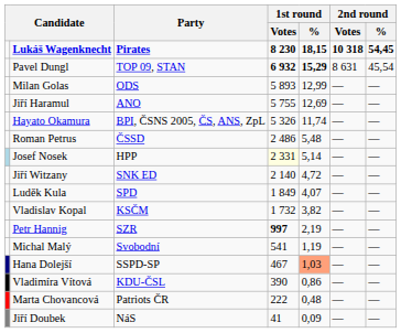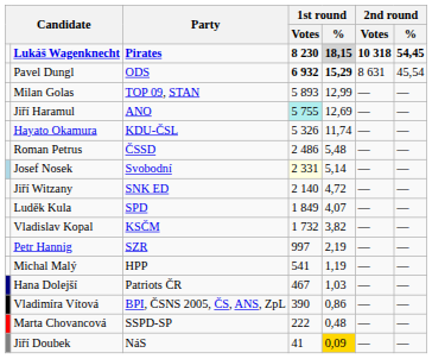 <table class="wikitable sortable">
 <tr>
 <th colspan="2" rowspan="2">Candidate</th>
 <th rowspan="2">Party</th>
 <th colspan="2">1st round</th>
 <th colspan="2">2nd round</th>
 </tr>
 <tr>
 <th>Votes</th>
 <th>%</th>
 <th>Votes</th>
 <th>%</th>
 </tr>
 <tr>
 <td style="background-color:"></td>
 <td><strong><a href='#'>Lukáš Wagenknecht</a></strong></td>
 <td><a href='#'><strong>Pirates</strong></a></td>
 <td><strong>8 230</strong></td>
-<td><strong>18,15</strong></td>
+<td style="background: lightgrey;"><strong>18,15</strong></td>
 <td><strong>10 318</strong></td>
 <td><strong>54,45</strong></td>
 </tr>
 <tr>
 <td style="background-color:"></td>
 <td>Pavel Dungl</td>
-<td><a href='#'>TOP 09</a>, <a href='#'>STAN</a></td>
+<td><a href='#'>ODS</a></td>
 <td><strong>6 932</strong></td>
 <td><strong>15,29</strong></td>
 <td>8 631</td>
 <td>45,54</td>
 </tr>
 <tr>
 <td style="background-color:"></td>
 <td>Milan Golas</td>
-<td><a href='#'>ODS</a></td>
+<td><a href='#'>TOP 09</a>, <a href='#'>STAN</a></td>
 <td>5 893</td>
 <td>12,99</td>
 <td>—</td>
 <td>—</td>
 </tr>
 <tr>
 <td style="background-color:"></td>
 <td>Jiří Haramul</td>
 <td><a href='#'>ANO</a></td>
-<td>5 755</td>
+<td style="background: paleturquoise;">5 755</td>
 <td>12,69</td>
 <td>—</td>
 <td>—</td>
 </tr>
 <tr>
 <td style="background-color:"></td>
 <td><a href='#'>Hayato Okamura</a></td>
-<td><a href='#'>BPI</a>, ČSNS 2005, <a href='#'>ČS</a>, <a href='#'>ANS</a>, ZpL</td>
+<td><a href='#'>KDU-ČSL</a></td>
 <td>5 326</td>
 <td>11,74</td>
 <td>—</td>
 <td>—</td>
 </tr>
 <tr>
 <td style="background-color:"></td>
 <td>Roman Petrus</td>
 <td><a href='#'>ČSSD</a></td>
 <td>2 486</td>
 <td>5,48</td>
 <td>—</td>
 <td>—</td>
 </tr>
 <tr>
 <td style="background-color:lightblue"></td>
 <td>Josef Nosek</td>
-<td>HPP</td>
+<td><a href='#'>Svobodní</a></td>
 <td style="background: lightyellow;">2 331</td>
 <td>5,14</td>
 <td>—</td>
 <td>—</td>
 </tr>
 <tr>
 <td style="background-color:"></td>
 <td>Jiří Witzany</td>
 <td><a href='#'>SNK ED</a></td>
 <td>2 140</td>
 <td>4,72</td>
 <td>—</td>
 <td>—</td>
 </tr>
 <tr>
 <td style="background-color:"></td>
 <td>Luděk Kula</td>
 <td><a href='#'>SPD</a></td>
 <td>1 849</td>
 <td>4,07</td>
 <td>—</td>
 <td>—</td>
 </tr>
 <tr>
 <td style="background-color:"></td>
 <td>Vladislav Kopal</td>
 <td><a href='#'>KSČM</a></td>
 <td>1 732</td>
 <td>3,82</td>
 <td>—</td>
 <td>—</td>
 </tr>
 <tr>
 <td style="background-color:"></td>
 <td><a href='#'>Petr Hannig</a></td>
 <td><a href='#'>SZR</a></td>
-<td><strong>997</strong></td>
+<td>997</td>
 <td>2,19</td>
 <td>—</td>
 <td>—</td>
 </tr>
 <tr>
 <td style="background-color:"></td>
 <td>Michal Malý</td>
-<td><a href='#'>Svobodní</a></td>
+<td>HPP</td>
 <td>541</td>
 <td>1,19</td>
 <td>—</td>
 <td>—</td>
 </tr>
 <tr>
 <td style="background-color:navy"></td>
 <td>Hana Dolejší</td>
-<td>SSPD-SP</td>
+<td>Patriots ČR</td>
 <td>467</td>
-<td style="background: lightsalmon;">1,03</td>
+<td>1,03</td>
 <td>—</td>
 <td>—</td>
 </tr>
 <tr>
 <td style="background-color:black"></td>
 <td>Vladimíra Vítová</td>
-<td><a href='#'>KDU-ČSL</a></td>
+<td><a href='#'>BPI</a>, ČSNS 2005, <a href='#'>ČS</a>, <a href='#'>ANS</a>, ZpL</td>
 <td>390</td>
 <td>0,86</td>
 <td>—</td>
 <td>—</td>
 </tr>
 <tr>
 <td style="background-color:red"></td>
 <td>Marta Chovancová</td>
-<td>Patriots ČR</td>
+<td>SSPD-SP</td>
 <td>222</td>
 <td>0,48</td>
 <td>—</td>
 <td>—</td>
 </tr>
 <tr>
 <td style="background-color:grey"></td>
 <td>Jiří Doubek</td>
 <td>NáS</td>
 <td>41</td>
-<td>0,09</td>
+<td style="background: gold;">0,09</td>
 <td>—</td>
 <td>—</td>
 </tr>
 </table>
